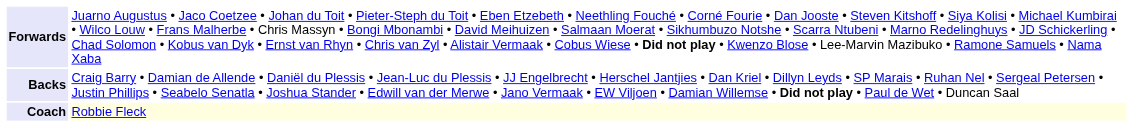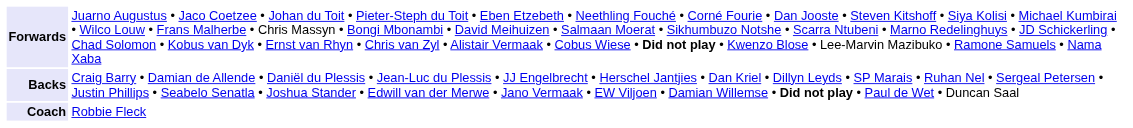 <table cellpadding="2" style="border: 1px solid white; font-size:90%;">
 <tr>
 <td style="text-align:right;" bgcolor="lavender"><strong>Forwards</strong></td>
 <td style="text-align:left;"><a href='#'>Juarno Augustus</a> • <a href='#'>Jaco Coetzee</a> • <a href='#'>Johan du Toit</a> • <a href='#'>Pieter-Steph du Toit</a> • <a href='#'>Eben Etzebeth</a> • <a href='#'>Neethling Fouché</a> • <a href='#'>Corné Fourie</a> • <a href='#'>Dan Jooste</a> • <a href='#'>Steven Kitshoff</a> • <a href='#'>Siya Kolisi</a> • <a href='#'>Michael Kumbirai</a> • <a href='#'>Wilco Louw</a> • <a href='#'>Frans Malherbe</a> • Chris Massyn • <a href='#'>Bongi Mbonambi</a> • <a href='#'>David Meihuizen</a> • <a href='#'>Salmaan Moerat</a> • <a href='#'>Sikhumbuzo Notshe</a> • <a href='#'>Scarra Ntubeni</a> • <a href='#'>Marno Redelinghuys</a> • <a href='#'>JD Schickerling</a> • <a href='#'>Chad Solomon</a> • <a href='#'>Kobus van Dyk</a> • <a href='#'>Ernst van Rhyn</a> • <a href='#'>Chris van Zyl</a> • <a href='#'>Alistair Vermaak</a> • <a href='#'>Cobus Wiese</a> • <strong>Did not play</strong> • <a href='#'>Kwenzo Blose</a> • Lee-Marvin Mazibuko • <a href='#'>Ramone Samuels</a> • <a href='#'>Nama Xaba</a></td>
 </tr>
 <tr>
 <td style="text-align:right;" bgcolor="lavender"><strong>Backs</strong></td>
 <td style="text-align:left;"><a href='#'>Craig Barry</a> • <a href='#'>Damian de Allende</a> • <a href='#'>Daniël du Plessis</a> • <a href='#'>Jean-Luc du Plessis</a> • <a href='#'>JJ Engelbrecht</a> • <a href='#'>Herschel Jantjies</a> • <a href='#'>Dan Kriel</a> • <a href='#'>Dillyn Leyds</a> • <a href='#'>SP Marais</a> • <a href='#'>Ruhan Nel</a> • <a href='#'>Sergeal Petersen</a> • <a href='#'>Justin Phillips</a> • <a href='#'>Seabelo Senatla</a> • <a href='#'>Joshua Stander</a> • <a href='#'>Edwill van der Merwe</a> • <a href='#'>Jano Vermaak</a> • <a href='#'>EW Viljoen</a> • <a href='#'>Damian Willemse</a> • <strong>Did not play</strong> • <a href='#'>Paul de Wet</a> • Duncan Saal</td>
 </tr>
 <tr>
 <td style="text-align:right;" bgcolor="lavender"><strong>Coach</strong></td>
-<td style="background: lightyellow; text-align:left;"><a href='#'>Robbie Fleck</a></td>
+<td style="text-align:left;"><a href='#'>Robbie Fleck</a></td>
 </tr>
 </table>
